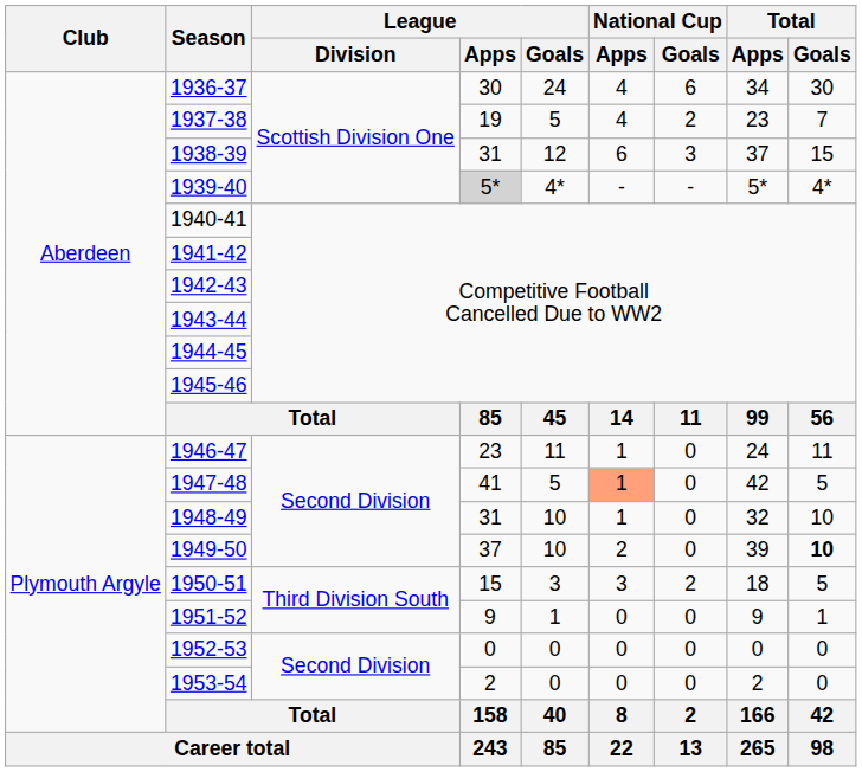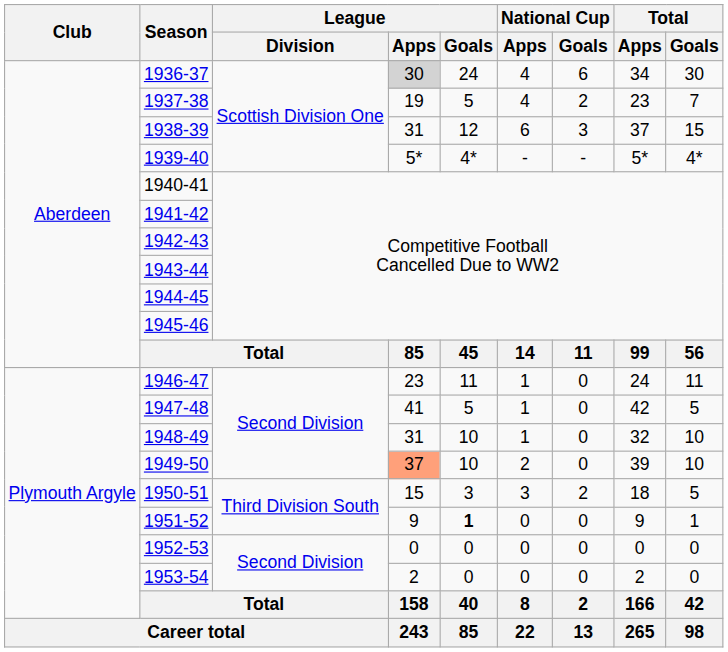 <table class="wikitable" style="text-align:center">
 <tr>
 <th rowspan="2">Club</th>
 <th rowspan="2">Season</th>
 <th colspan="3">League</th>
 <th colspan="2">National Cup</th>
 <th colspan="2">Total</th>
 </tr>
 <tr>
 <th>Division</th>
 <th>Apps</th>
 <th>Goals</th>
 <th>Apps</th>
 <th>Goals</th>
 <th>Apps</th>
 <th>Goals</th>
 </tr>
 <tr>
 <td rowspan="11"><a href='#'>Aberdeen</a></td>
 <td><a href='#'>1936-37</a></td>
 <td rowspan="4"><a href='#'>Scottish Division One</a></td>
-<td>30</td>
+<td style="background: lightgrey;">30</td>
 <td>24</td>
 <td>4</td>
 <td>6</td>
 <td>34</td>
 <td>30</td>
 </tr>
 <tr>
 <td><a href='#'>1937-38</a></td>
 <td>19</td>
 <td>5</td>
 <td>4</td>
 <td>2</td>
 <td>23</td>
 <td>7</td>
 </tr>
 <tr>
 <td><a href='#'>1938-39</a></td>
 <td>31</td>
 <td>12</td>
 <td>6</td>
 <td>3</td>
 <td>37</td>
 <td>15</td>
 </tr>
 <tr>
 <td><a href='#'>1939-40</a></td>
-<td style="background: lightgrey;">5*</td>
+<td>5*</td>
 <td>4*</td>
 <td>-</td>
 <td>-</td>
 <td>5*</td>
 <td>4*</td>
 </tr>
 <tr>
 <td>1940-41</td>
 <td colspan="7" rowspan="6">Competitive Football<br>Cancelled Due to WW2</td>
 </tr>
 <tr>
 <td><a href='#'>1941-42</a></td>
 </tr>
 <tr>
 <td><a href='#'>1942-43</a></td>
 </tr>
 <tr>
 <td><a href='#'>1943-44</a></td>
 </tr>
 <tr>
 <td><a href='#'>1944-45</a></td>
 </tr>
 <tr>
 <td><a href='#'>1945-46</a></td>
 </tr>
 <tr>
 <th colspan="2">Total</th>
 <th>85</th>
 <th>45</th>
 <th>14</th>
 <th>11</th>
 <th>99</th>
 <th>56</th>
 </tr>
 <tr>
 <td rowspan="9"><a href='#'>Plymouth Argyle</a></td>
 <td><a href='#'>1946-47</a></td>
 <td rowspan="4"><a href='#'>Second Division</a></td>
 <td>23</td>
 <td>11</td>
 <td>1</td>
 <td>0</td>
 <td>24</td>
 <td>11</td>
 </tr>
 <tr>
 <td><a href='#'>1947-48</a></td>
 <td>41</td>
 <td>5</td>
-<td style="background: lightsalmon;">1</td>
+<td>1</td>
 <td>0</td>
 <td>42</td>
 <td>5</td>
 </tr>
 <tr>
 <td><a href='#'>1948-49</a></td>
 <td>31</td>
 <td>10</td>
 <td>1</td>
 <td>0</td>
 <td>32</td>
 <td>10</td>
 </tr>
 <tr>
 <td><a href='#'>1949-50</a></td>
-<td>37</td>
+<td style="background: lightsalmon;">37</td>
 <td>10</td>
 <td>2</td>
 <td>0</td>
 <td>39</td>
-<td><strong>10</strong></td>
+<td>10</td>
 </tr>
 <tr>
 <td><a href='#'>1950-51</a></td>
 <td rowspan="2"><a href='#'>Third Division South</a></td>
 <td>15</td>
 <td>3</td>
 <td>3</td>
 <td>2</td>
 <td>18</td>
 <td>5</td>
 </tr>
 <tr>
 <td><a href='#'>1951-52</a></td>
 <td>9</td>
-<td>1</td>
+<td><strong>1</strong></td>
 <td>0</td>
 <td>0</td>
 <td>9</td>
 <td>1</td>
 </tr>
 <tr>
 <td><a href='#'>1952-53</a></td>
 <td rowspan="2"><a href='#'>Second Division</a></td>
 <td>0</td>
 <td>0</td>
 <td>0</td>
 <td>0</td>
 <td>0</td>
 <td>0</td>
 </tr>
 <tr>
 <td><a href='#'>1953-54</a></td>
 <td>2</td>
 <td>0</td>
 <td>0</td>
 <td>0</td>
 <td>2</td>
 <td>0</td>
 </tr>
 <tr>
 <th colspan="2">Total</th>
 <th>158</th>
 <th>40</th>
 <th>8</th>
 <th>2</th>
 <th>166</th>
 <th>42</th>
 </tr>
 <tr>
 <th colspan="3">Career total</th>
 <th>243</th>
 <th>85</th>
 <th>22</th>
 <th>13</th>
 <th>265</th>
 <th>98</th>
 </tr>
 </table>
